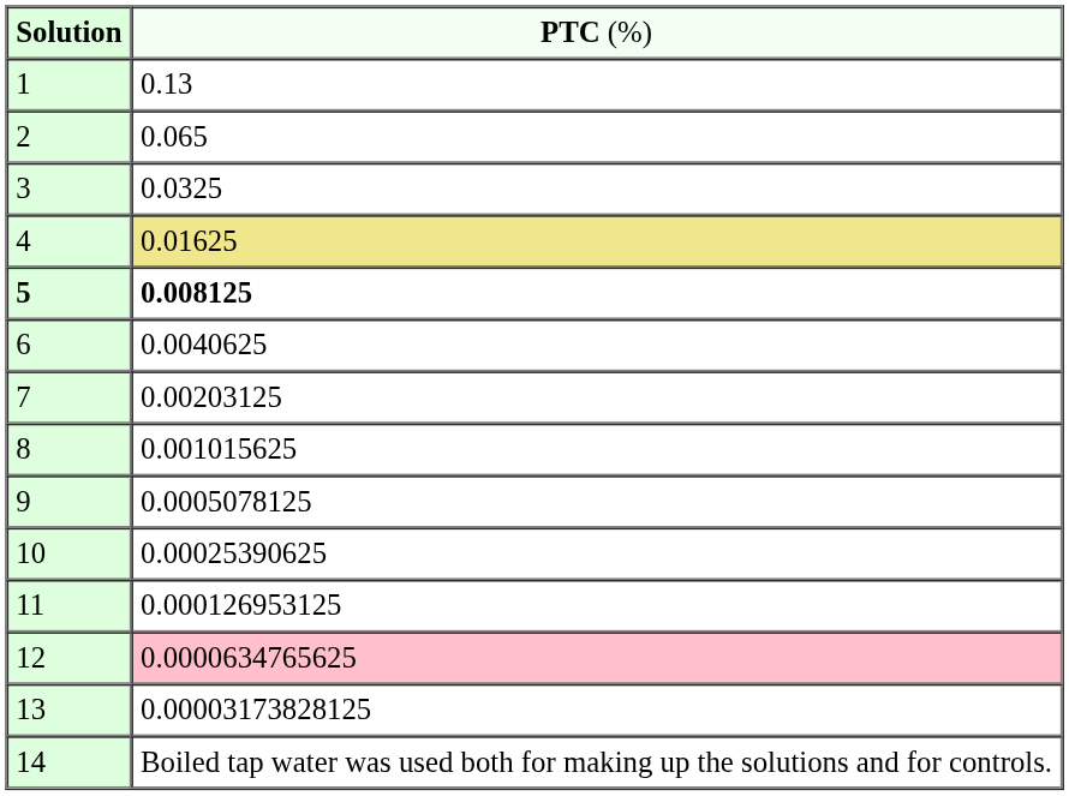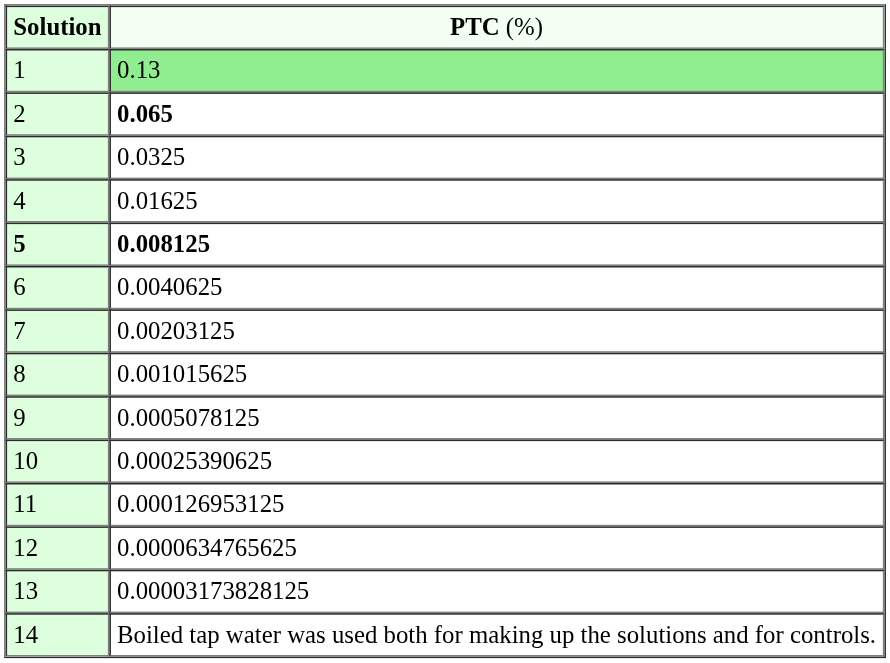 <table border="1" cellpadding="4" cellspacing="0" class="toccolours" 0.5em solid #999; 100%>
 <tr style="text-align:center;">
 <td style="background:#dfd; "><strong>Solution</strong></td>
 <td style="background:#f3fff3; "><strong>PTC</strong> (%)</td>
 </tr>
 <tr>
 <td style="background:#ddffdd;fff3;">1</td>
-<td>0.13</td>
+<td style="background: lightgreen;">0.13</td>
 </tr>
 <tr>
 <td style="background:#dfd;">2</td>
-<td>0.065</td>
+<td><strong>0.065</strong></td>
 </tr>
 <tr>
 <td style="background:#ddffdd;fff3;">3</td>
 <td>0.0325</td>
 </tr>
 <tr>
 <td style="background:#dfd;">4</td>
-<td style="background: khaki;">0.01625</td>
+<td>0.01625</td>
 </tr>
 <tr>
 <td style="background:#ddffdd;fff3;"><strong>5</strong></td>
 <td><strong>0.008125</strong></td>
 </tr>
 <tr>
 <td style="background:#dfd;">6</td>
 <td>0.0040625</td>
 </tr>
 <tr>
 <td style="background:#ddffdd;fff3;">7</td>
 <td>0.00203125</td>
 </tr>
 <tr>
 <td style="background:#dfd;">8</td>
 <td>0.001015625</td>
 </tr>
 <tr>
 <td style="background:#ddffdd;fff3;">9</td>
 <td>0.0005078125</td>
 </tr>
 <tr>
 <td style="background:#dfd;">10</td>
 <td>0.00025390625</td>
 </tr>
 <tr>
 <td style="background:#ddffdd;fff3;">11</td>
 <td>0.000126953125</td>
 </tr>
 <tr>
 <td style="background:#dfd;">12</td>
-<td style="background: pink;">0.0000634765625</td>
+<td>0.0000634765625</td>
 </tr>
 <tr>
 <td style="background:#ddffdd;fff3;">13</td>
 <td>0.00003173828125</td>
 </tr>
 <tr>
 <td style="background:#dfd;">14</td>
 <td>Boiled tap water was used both for making up the solutions and for controls.</td>
 </tr>
 </table>
